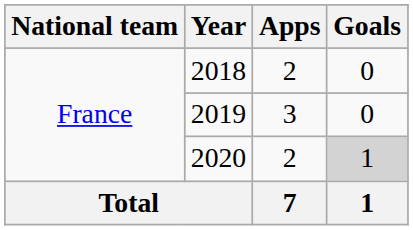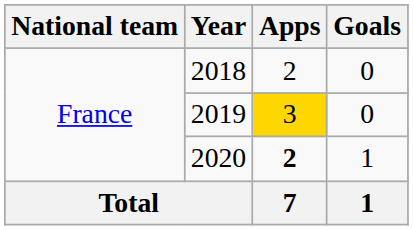 <table class="wikitable" style="text-align:center">
 <tr>
 <th>National team</th>
 <th>Year</th>
 <th>Apps</th>
 <th>Goals</th>
 </tr>
 <tr>
 <td rowspan=3><a href='#'>France</a></td>
 <td>2018</td>
 <td>2</td>
 <td>0</td>
 </tr>
 <tr>
 <td>2019</td>
-<td>3</td>
+<td style="background: gold;">3</td>
 <td>0</td>
 </tr>
 <tr>
 <td>2020</td>
-<td>2</td>
-<td style="background: lightgrey;">1</td>
+<td><strong>2</strong></td>
+<td>1</td>
 </tr>
 <tr>
 <th colspan=2>Total</th>
 <th>7</th>
 <th>1</th>
 </tr>
 </table>
